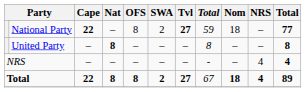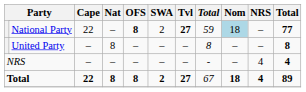 <table class="wikitable">
 <tr>
 <th colspan=3><strong>Party</strong></th>
 <th>Cape</th>
 <th>Nat</th>
 <th>OFS</th>
 <th>SWA</th>
 <th>Tvl</th>
 <th><em>Total</em></th>
 <th>Nom</th>
 <th>NRS</th>
 <th><strong>Total</strong></th>
 </tr>
 <tr>
 <th colspan=2 style="background-color: "></th>
 <td><a href='#'>National Party</a></td>
-<td align=center><strong>22</strong></td>
+<td align=center>22</td>
 <td align=center>–</td>
-<td align=center>8</td>
+<td align=center><strong>8</strong></td>
 <td align=center>2</td>
 <td align=center><strong>27</strong></td>
 <td align=center><em>59</em></td>
-<td align=center>18</td>
+<td align=center style="background: lightblue;">18</td>
 <td align=center>–</td>
 <td align=center><strong>77</strong></td>
 </tr>
 <tr>
 <th colspan=2 style="background-color: "></th>
 <td><a href='#'>United Party</a></td>
 <td align=center>–</td>
-<td align=center><strong>8</strong></td>
+<td align=center>8</td>
 <td align=center>–</td>
 <td align=center>–</td>
 <td align=center>–</td>
 <td align=center><em>8</em></td>
 <td align=center>–</td>
 <td align=center>–</td>
 <td align=center><strong>8</strong></td>
 </tr>
 <tr>
 <td colspan=3><em>NRS</em></td>
 <td align=center>–</td>
 <td align=center>–</td>
 <td align=center>–</td>
 <td align=center>–</td>
 <td align=center>–</td>
 <td align=center><em>-</em></td>
 <td align=center>–</td>
 <td align=center>4</td>
 <td align=center><strong>4</strong></td>
 </tr>
 <tr>
 <td colspan=3><strong>Total</strong></td>
 <td align=center><strong>22</strong></td>
 <td align=center><strong>8</strong></td>
 <td align=center><strong>8</strong></td>
 <td align=center><strong>2</strong></td>
 <td align=center><strong>27</strong></td>
 <td align=center><em>67</em></td>
 <td align=center><strong>18</strong></td>
 <td align=center><strong>4</strong></td>
 <td align=center><strong>89</strong></td>
 </tr>
 <tr>
 </tr>
 </table>
